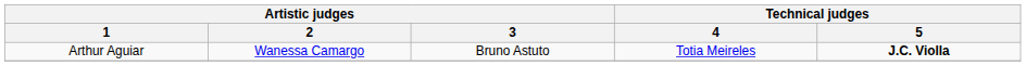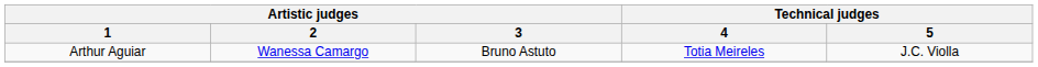 <table class="wikitable" style="font-size:100%; line-height:16px; text-align:center" width="100%">
 <tr>
 <th colspan=3>Artistic judges</th>
 <th colspan=2>Technical judges</th>
 </tr>
 <tr>
 <th style="width:20.0%;">1</th>
 <th style="width:20.0%;">2</th>
 <th style="width:20.0%;">3</th>
 <th style="width:20.0%;">4</th>
 <th style="width:20.0%;">5</th>
 </tr>
 <tr>
 <td>Arthur Aguiar</td>
 <td><a href='#'>Wanessa Camargo</a></td>
 <td>Bruno Astuto</td>
 <td><a href='#'>Totia Meireles</a></td>
-<td><strong>J.C. Violla</strong></td>
+<td>J.C. Violla</td>
 </tr>
 <tr>
 </tr>
 </table>
